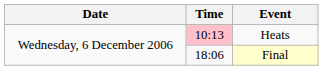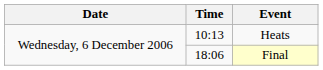 <table class = "wikitable" style="text-align:center;">
 <tr>
 <th width=220>Date</th>
 <th width=50>Time</th>
 <th width=100>Event</th>
 </tr>
 <tr>
 <td rowspan=2>Wednesday, 6 December 2006</td>
-<td style="background: pink;">10:13</td>
+<td>10:13</td>
 <td>Heats</td>
 </tr>
 <tr>
 <td>18:06</td>
 <td bgcolor=ffffcc>Final</td>
 </tr>
 </table>
